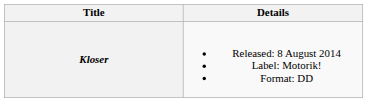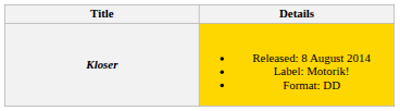 <table class="wikitable plainrowheaders" style="text-align:center;" border="1">
 <tr>
 <th scope="col" rowspan="1" style="width:16em;">Title</th>
 <th scope="col" rowspan="1" style="width:16em;">Details</th>
 </tr>
 <tr>
 <th scope="row"><em>Kloser</em></th>
-<td><br><ul><li>Released: 8 August 2014 </li><li>Label: Motorik! </li><li>Format: DD</li></ul></td>
+<td style="background: gold;"><br><ul><li>Released: 8 August 2014 </li><li>Label: Motorik! </li><li>Format: DD</li></ul></td>
 </tr>
 </table>
